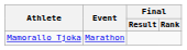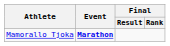 <table class=wikitable style="font-size:90%">
 <tr>
 <th rowspan="2">Athlete</th>
 <th rowspan="2">Event</th>
 <th colspan="2">Final</th>
 </tr>
 <tr style="font-size:95%">
 <th>Result</th>
 <th>Rank</th>
 </tr>
 <tr align=center>
 <td align=left><a href='#'>Mamorallo Tjoka</a></td>
-<td align=left><a href='#'>Marathon</a></td>
+<td align=left><strong><a href='#'>Marathon</a></strong></td>
 <td colspan=2></td>
 </tr>
 </table>
